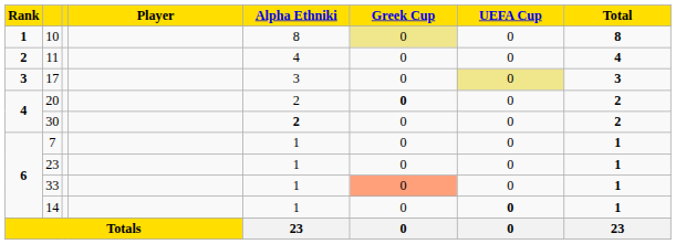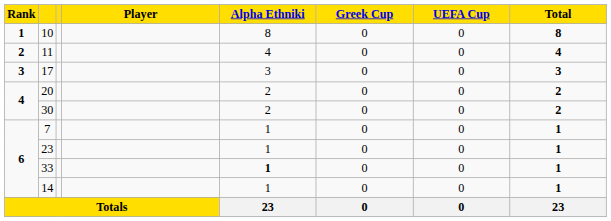 <table class="wikitable sortable" style="text-align: center">
 <tr>
 <th style="background:#FFDE00">Rank</th>
 <th style="background:#FFDE00"></th>
 <th style="background:#FFDE00"></th>
 <th width=200 style="background:#FFDE00">Player</th>
 <th width=120 style="background:#FFDE00"><a href='#'>Alpha Ethniki</a></th>
 <th width=120 style="background:#FFDE00"><a href='#'>Greek Cup</a></th>
 <th width=120 style="background:#FFDE00"><a href='#'>UEFA Cup</a></th>
 <th width=120 style="background:#FFDE00">Total</th>
 </tr>
 <tr>
 <td><strong>1</strong></td>
 <td>10</td>
 <td></td>
 <td align=left></td>
 <td>8</td>
-<td style="background: khaki;">0</td>
+<td>0</td>
 <td>0</td>
 <td><strong>8</strong></td>
 </tr>
 <tr>
 <td><strong>2</strong></td>
 <td>11</td>
 <td></td>
 <td align=left></td>
 <td>4</td>
 <td>0</td>
 <td>0</td>
 <td><strong>4</strong></td>
 </tr>
 <tr>
 <td><strong>3</strong></td>
 <td>17</td>
 <td></td>
 <td align=left></td>
 <td>3</td>
 <td>0</td>
-<td style="background: khaki;">0</td>
+<td>0</td>
 <td><strong>3</strong></td>
 </tr>
 <tr>
 <td rowspan=2><strong>4</strong></td>
 <td>20</td>
 <td></td>
 <td align=left></td>
 <td>2</td>
-<td><strong>0</strong></td>
+<td>0</td>
 <td>0</td>
 <td><strong>2</strong></td>
 </tr>
 <tr>
 <td>30</td>
 <td></td>
 <td align=left></td>
-<td><strong>2</strong></td>
+<td>2</td>
 <td>0</td>
 <td>0</td>
 <td><strong>2</strong></td>
 </tr>
 <tr>
 <td rowspan=4><strong>6</strong></td>
 <td>7</td>
 <td></td>
 <td align=left></td>
 <td>1</td>
 <td>0</td>
 <td>0</td>
 <td><strong>1</strong></td>
 </tr>
 <tr>
 <td>23</td>
 <td></td>
 <td align=left></td>
 <td>1</td>
 <td>0</td>
 <td>0</td>
 <td><strong>1</strong></td>
 </tr>
 <tr>
 <td>33</td>
 <td></td>
 <td align=left></td>
-<td>1</td>
-<td style="background: lightsalmon;">0</td>
+<td><strong>1</strong></td>
+<td>0</td>
 <td>0</td>
 <td><strong>1</strong></td>
 </tr>
 <tr>
 <td>14</td>
 <td></td>
 <td align=left></td>
 <td>1</td>
 <td>0</td>
-<td><strong>0</strong></td>
+<td>0</td>
 <td><strong>1</strong></td>
 </tr>
 <tr class="sortbottom">
 <th colspan=4 style="background:#FFDE00"><strong>Totals</strong></th>
 <th><strong>23</strong></th>
 <th><strong> 0</strong></th>
 <th><strong> 0</strong></th>
 <th><strong>23</strong></th>
 </tr>
 </table>
